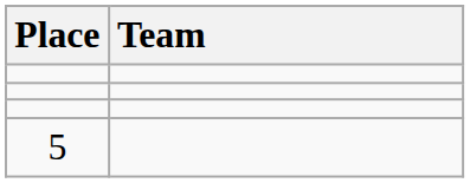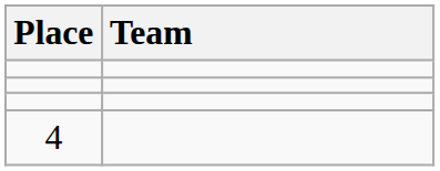 <table class="wikitable" style="text-align:center; padding-bottom:0;">
 <tr>
 <th>Place</th>
 <th style="width:9em; text-align:left;">Team</th>
 </tr>
 <tr>
 <td></td>
 <td align=left></td>
 </tr>
 <tr>
 <td></td>
 <td align=left></td>
 </tr>
 <tr>
 <td></td>
 <td align=left></td>
 </tr>
 <tr>
-<td>5</td>
+<td>4</td>
 <td align=left></td>
 </tr>
 </table>
